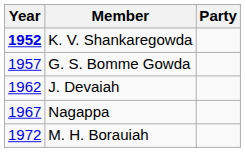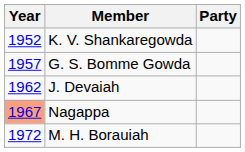 <table class="wikitable">
 <tr>
 <th>Year</th>
 <th>Member</th>
 <th colspan=2>Party</th>
 </tr>
 <tr>
-<td><strong><a href='#'>1952</a></strong></td>
+<td><a href='#'>1952</a></td>
 <td>K. V. Shankaregowda</td>
 <td></td>
 </tr>
 <tr>
 <td><a href='#'>1957</a></td>
 <td>G. S. Bomme Gowda</td>
 <td></td>
 </tr>
 <tr>
 <td><a href='#'>1962</a></td>
 <td>J. Devaiah</td>
 </tr>
 <tr>
-<td><a href='#'>1967</a></td>
+<td style="background: lightsalmon;"><a href='#'>1967</a></td>
 <td>Nagappa</td>
 <td></td>
 </tr>
 <tr>
 <td><a href='#'>1972</a></td>
 <td>M. H. Borauiah</td>
 </tr>
 </table>
